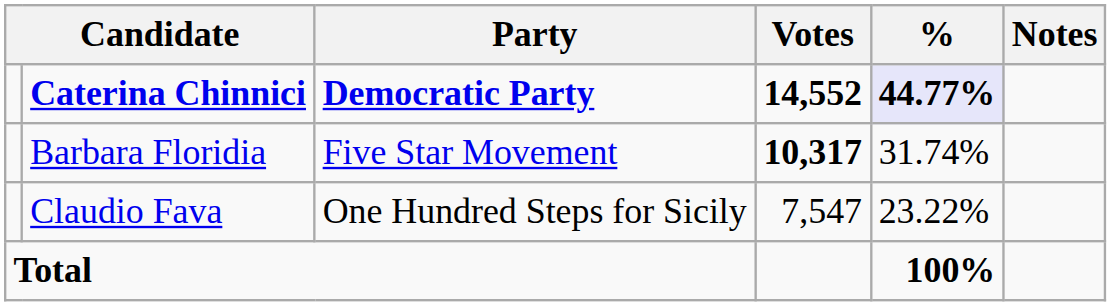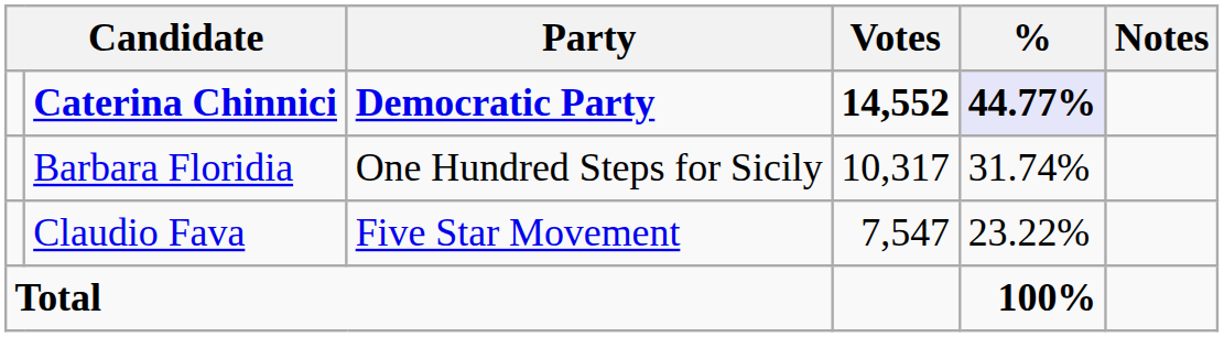 <table class="wikitable" style="font-size:95%">
 <tr style="background:#efefef;">
 <th colspan=2>Candidate</th>
 <th>Party</th>
 <th>Votes</th>
 <th>%</th>
 <th>Notes</th>
 </tr>
 <tr>
 <td></td>
 <td><strong><a href='#'>Caterina Chinnici</a></strong></td>
 <td><strong><a href='#'>Democratic Party</a></strong></td>
 <td align=right><strong>14,552</strong></td>
 <td style="background: lavender;"><strong>44.77%</strong></td>
 <td></td>
 </tr>
 <tr>
 <td></td>
 <td><a href='#'>Barbara Floridia</a></td>
-<td><a href='#'>Five Star Movement</a></td>
-<td align=right><strong>10,317</strong></td>
+<td>One Hundred Steps for Sicily</td>
+<td align=right>10,317</td>
 <td>31.74%</td>
 <td></td>
 </tr>
 <tr>
 <td></td>
 <td><a href='#'>Claudio Fava</a></td>
-<td>One Hundred Steps for Sicily</td>
+<td><a href='#'>Five Star Movement</a></td>
 <td align=right>7,547</td>
 <td>23.22%</td>
 <td></td>
 </tr>
 <tr>
 <td align="left" colspan=3><strong>Total</strong></td>
 <td align="right"></td>
 <td align="right"><strong>100%</strong></td>
 <td align="right"></td>
 </tr>
 </table>
